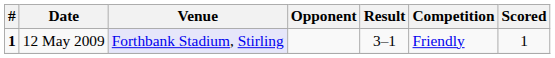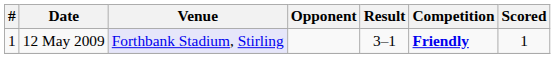 <table class="wikitable">
 <tr>
 <th>#</th>
 <th>Date</th>
 <th>Venue</th>
 <th>Opponent</th>
 <th>Result</th>
 <th>Competition</th>
 <th>Scored</th>
 </tr>
 <tr>
-<td><strong>1</strong></td>
+<td>1</td>
 <td>12 May 2009</td>
 <td style="background: lavender;"><a href='#'>Forthbank Stadium</a>, <a href='#'>Stirling</a></td>
 <td></td>
 <td align="center">3–1</td>
-<td><a href='#'>Friendly</a></td>
+<td><strong><a href='#'>Friendly</a></strong></td>
 <td align="center">1</td>
 </tr>
 <tr>
 </tr>
 </table>
